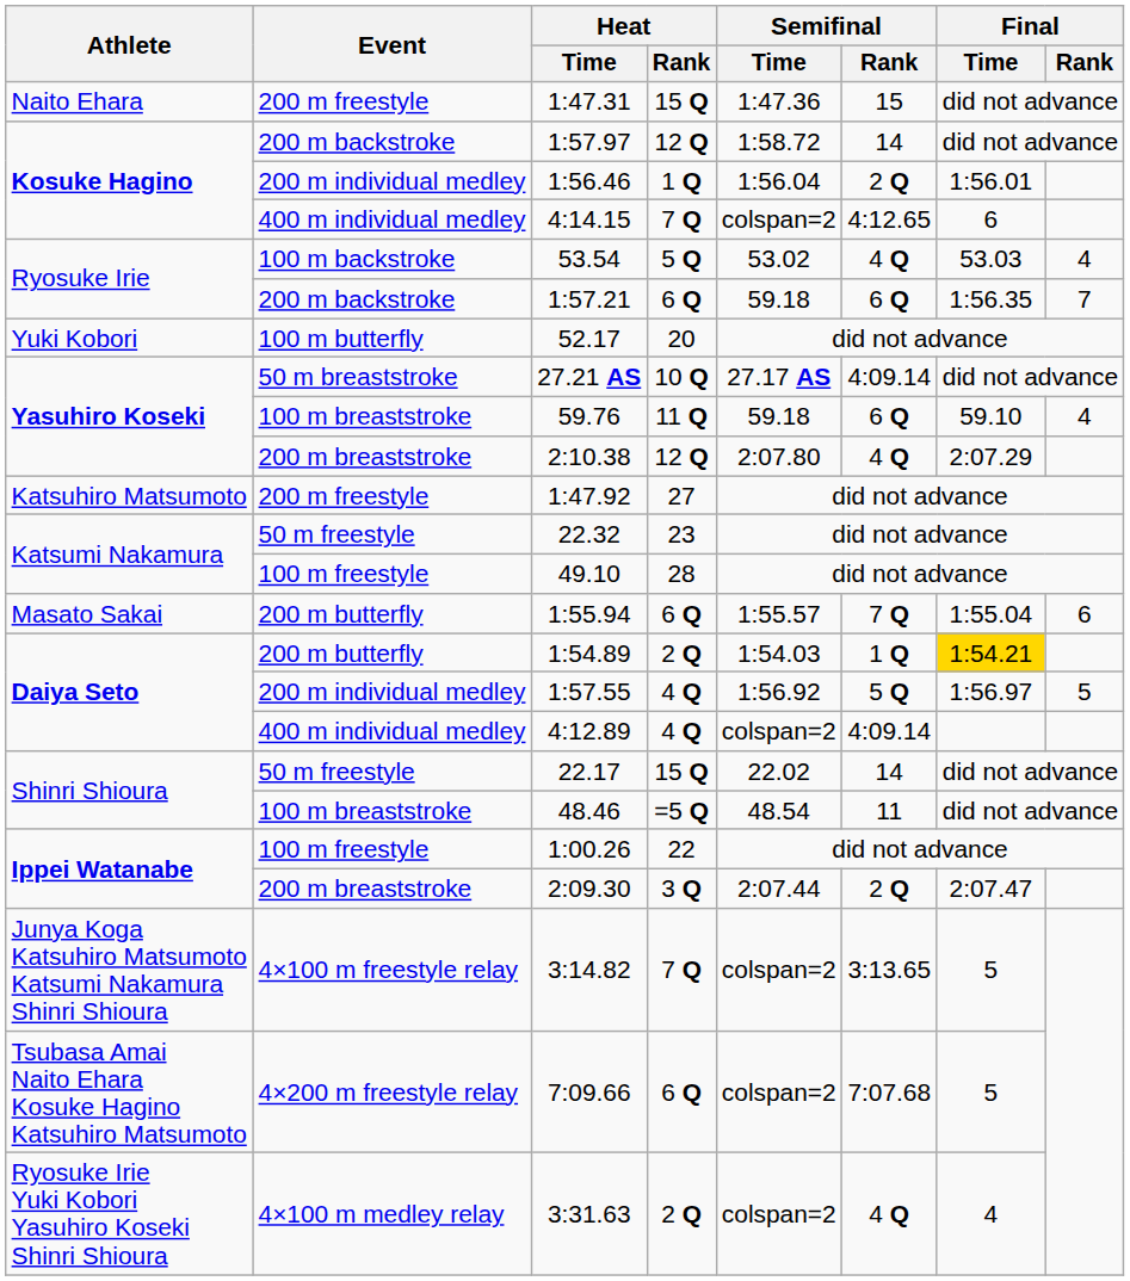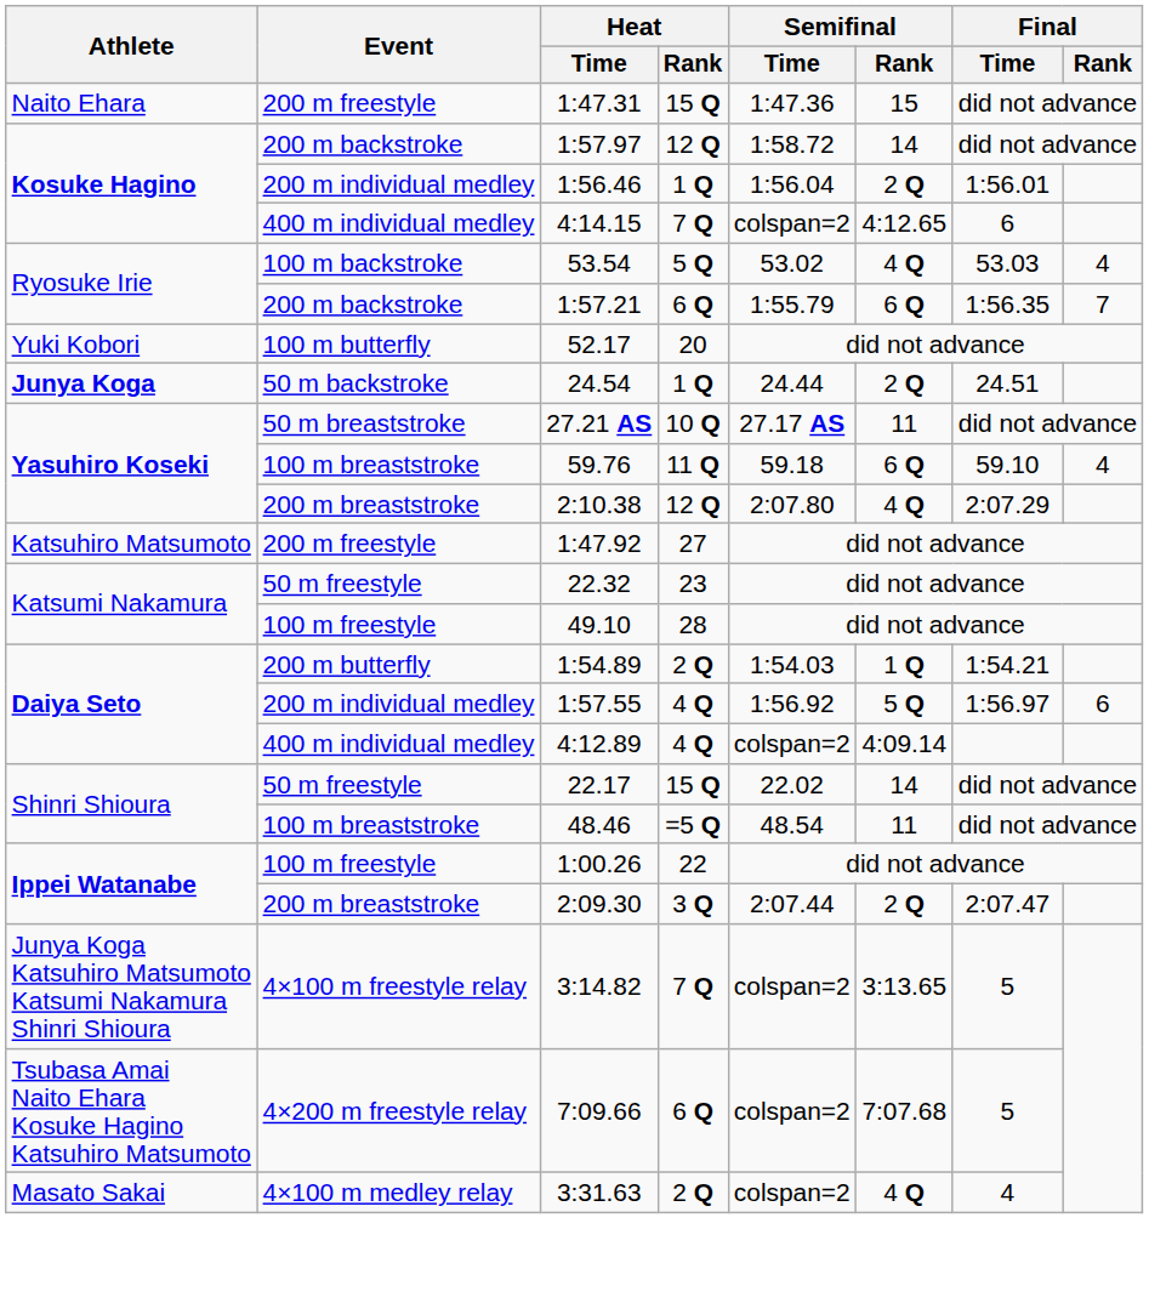 <table class=wikitable style="font-size:90%">
 <tr>
 <th rowspan="2">Athlete</th>
 <th rowspan="2">Event</th>
 <th colspan="2">Heat</th>
 <th colspan="2">Semifinal</th>
 <th colspan="2">Final</th>
 </tr>
 <tr style="font-size:95%">
 <th>Time</th>
 <th>Rank</th>
 <th>Time</th>
 <th>Rank</th>
 <th>Time</th>
 <th>Rank</th>
 </tr>
 <tr align=center>
 <td align=left><a href='#'>Naito Ehara</a></td>
 <td align=left><a href='#'>200 m freestyle</a></td>
 <td>1:47.31</td>
 <td>15 <strong>Q</strong></td>
 <td>1:47.36</td>
 <td>15</td>
 <td colspan=2>did not advance</td>
 </tr>
 <tr align=center>
 <td align=left rowspan=3><strong><a href='#'>Kosuke Hagino</a></strong></td>
 <td align=left><a href='#'>200 m backstroke</a></td>
 <td>1:57.97</td>
 <td>12 <strong>Q</strong></td>
 <td>1:58.72</td>
 <td>14</td>
 <td colspan=2>did not advance</td>
 </tr>
 <tr align=center>
 <td align=left><a href='#'>200 m individual medley</a></td>
 <td>1:56.46</td>
 <td>1 <strong>Q</strong></td>
 <td>1:56.04</td>
 <td>2 <strong>Q</strong></td>
 <td>1:56.01</td>
 <td></td>
 </tr>
 <tr align=center>
 <td align=left><a href='#'>400 m individual medley</a></td>
 <td>4:14.15</td>
 <td>7 <strong>Q</strong></td>
 <td>colspan=2 </td>
 <td>4:12.65</td>
 <td>6</td>
 </tr>
 <tr align=center>
 <td align=left rowspan=2><a href='#'>Ryosuke Irie</a></td>
 <td align=left><a href='#'>100 m backstroke</a></td>
 <td>53.54</td>
 <td>5 <strong>Q</strong></td>
 <td>53.02</td>
 <td>4 <strong>Q</strong></td>
 <td>53.03</td>
 <td>4</td>
 </tr>
 <tr align=center>
 <td align=left><a href='#'>200 m backstroke</a></td>
 <td>1:57.21</td>
 <td>6 <strong>Q</strong></td>
-<td>59.18</td>
+<td>1:55.79</td>
 <td>6 <strong>Q</strong></td>
 <td>1:56.35</td>
 <td>7</td>
 </tr>
 <tr align=center>
 <td align=left><a href='#'>Yuki Kobori</a></td>
 <td align=left><a href='#'>100 m butterfly</a></td>
 <td>52.17</td>
 <td>20</td>
 <td colspan=4>did not advance</td>
 </tr>
 <tr align=center>
+<td align=left><strong><a href='#'>Junya Koga</a></strong></td>
+<td align=left><a href='#'>50 m backstroke</a></td>
+<td>24.54</td>
+<td>1 <strong>Q</strong></td>
+<td>24.44</td>
+<td>2 <strong>Q</strong></td>
+<td>24.51</td>
+<td></td>
+</tr>
+<tr align=center>
 <td align=left rowspan=3><strong><a href='#'>Yasuhiro Koseki</a></strong></td>
 <td align=left><a href='#'>50 m breaststroke</a></td>
 <td>27.21 <strong><a href='#'>AS</a></strong></td>
 <td>10 <strong>Q</strong></td>
 <td>27.17 <strong><a href='#'>AS</a></strong></td>
-<td>4:09.14</td>
+<td>11</td>
 <td colspan=2>did not advance</td>
 </tr>
 <tr align=center>
 <td align=left><a href='#'>100 m breaststroke</a></td>
 <td>59.76</td>
 <td>11 <strong>Q</strong></td>
 <td>59.18</td>
 <td>6 <strong>Q</strong></td>
 <td>59.10</td>
 <td>4</td>
 </tr>
 <tr align=center>
 <td align=left><a href='#'>200 m breaststroke</a></td>
 <td>2:10.38</td>
 <td>12 <strong>Q</strong></td>
 <td>2:07.80</td>
 <td>4 <strong>Q</strong></td>
 <td>2:07.29</td>
 <td></td>
 </tr>
 <tr align=center>
 <td align=left><a href='#'>Katsuhiro Matsumoto</a></td>
 <td align=left><a href='#'>200 m freestyle</a></td>
 <td>1:47.92</td>
 <td>27</td>
 <td colspan=4>did not advance</td>
 </tr>
 <tr align=center>
 <td align=left rowspan=2><a href='#'>Katsumi Nakamura</a></td>
 <td align=left><a href='#'>50 m freestyle</a></td>
 <td>22.32</td>
 <td>23</td>
 <td colspan=4>did not advance</td>
 </tr>
 <tr align=center>
 <td align=left><a href='#'>100 m freestyle</a></td>
 <td>49.10</td>
 <td>28</td>
 <td colspan=4>did not advance</td>
 </tr>
 <tr align=center>
-<td align=left><a href='#'>Masato Sakai</a></td>
-<td align=left><a href='#'>200 m butterfly</a></td>
-<td>1:55.94</td>
-<td>6 <strong>Q</strong></td>
-<td>1:55.57</td>
-<td>7 <strong>Q</strong></td>
-<td>1:55.04</td>
-<td>6</td>
-</tr>
-<tr align=center>
 <td align=left rowspan=3><strong><a href='#'>Daiya Seto</a></strong></td>
 <td align=left><a href='#'>200 m butterfly</a></td>
 <td>1:54.89</td>
 <td>2 <strong>Q</strong></td>
 <td>1:54.03</td>
 <td>1 <strong>Q</strong></td>
-<td style="background: gold;">1:54.21</td>
+<td>1:54.21</td>
 <td></td>
 </tr>
 <tr align=center>
 <td align=left><a href='#'>200 m individual medley</a></td>
 <td>1:57.55</td>
 <td>4 <strong>Q</strong></td>
 <td>1:56.92</td>
 <td>5 <strong>Q</strong></td>
 <td>1:56.97</td>
-<td>5</td>
+<td>6</td>
 </tr>
 <tr align=center>
 <td align=left><a href='#'>400 m individual medley</a></td>
 <td>4:12.89</td>
 <td>4 <strong>Q</strong></td>
 <td>colspan=2 </td>
 <td>4:09.14</td>
 <td></td>
 </tr>
 <tr align=center>
 <td align=left rowspan=2><a href='#'>Shinri Shioura</a></td>
 <td align=left><a href='#'>50 m freestyle</a></td>
 <td>22.17</td>
 <td>15 <strong>Q</strong></td>
 <td>22.02</td>
 <td>14</td>
 <td colspan=2>did not advance</td>
 </tr>
 <tr align=center>
 <td align=left><a href='#'>100 m breaststroke</a></td>
 <td>48.46</td>
 <td>=5 <strong>Q</strong></td>
 <td>48.54</td>
 <td>11</td>
 <td colspan=2>did not advance</td>
 </tr>
 <tr align=center>
 <td align=left rowspan=2><strong><a href='#'>Ippei Watanabe</a></strong></td>
 <td align=left><a href='#'>100 m freestyle</a></td>
 <td>1:00.26</td>
 <td>22</td>
 <td colspan=4>did not advance</td>
 </tr>
 <tr align=center>
 <td align=left><a href='#'>200 m breaststroke</a></td>
 <td>2:09.30</td>
 <td>3 <strong>Q</strong></td>
 <td>2:07.44</td>
 <td>2 <strong>Q</strong></td>
 <td>2:07.47</td>
 <td></td>
 </tr>
 <tr align=center>
 <td align=left><a href='#'>Junya Koga</a><br><a href='#'>Katsuhiro Matsumoto</a><br><a href='#'>Katsumi Nakamura</a><br><a href='#'>Shinri Shioura</a></td>
 <td align=left><a href='#'>4×100 m freestyle relay</a></td>
 <td>3:14.82</td>
 <td>7 <strong>Q</strong></td>
 <td>colspan=2 </td>
 <td>3:13.65</td>
 <td>5</td>
 </tr>
 <tr align=center>
 <td align=left><a href='#'>Tsubasa Amai</a><br><a href='#'>Naito Ehara</a><br><a href='#'>Kosuke Hagino</a><br><a href='#'>Katsuhiro Matsumoto</a></td>
 <td align=left><a href='#'>4×200 m freestyle relay</a></td>
 <td>7:09.66</td>
 <td>6 <strong>Q</strong></td>
 <td>colspan=2 </td>
 <td>7:07.68</td>
 <td>5</td>
 </tr>
 <tr align=center>
-<td align=left><a href='#'>Ryosuke Irie</a><br><a href='#'>Yuki Kobori</a><br><a href='#'>Yasuhiro Koseki</a><br><a href='#'>Shinri Shioura</a></td>
+<td align=left><a href='#'>Masato Sakai</a></td>
 <td align=left><a href='#'>4×100 m medley relay</a></td>
 <td>3:31.63</td>
 <td>2 <strong>Q</strong></td>
 <td>colspan=2 </td>
 <td>4 <strong>Q</strong></td>
 <td>4</td>
 </tr>
 </table>
